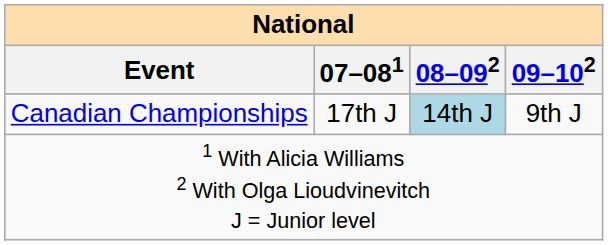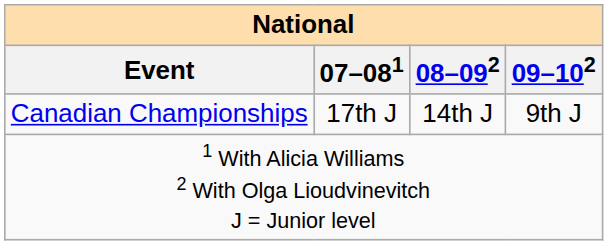 <table class="wikitable" style="text-align:center">
 <tr>
 <th style="background-color: #ffdead; " colspan=4 align=center>National</th>
 </tr>
 <tr>
 <th>Event</th>
 <th>07–08<sup>1</sup></th>
 <th><a href='#'>08–09</a><sup>2</sup></th>
 <th><a href='#'>09–10</a><sup>2</sup></th>
 </tr>
 <tr>
 <td align=left><a href='#'>Canadian Championships</a></td>
 <td>17th J</td>
-<td style="background: lightblue;">14th J</td>
+<td>14th J</td>
 <td>9th J</td>
 </tr>
 <tr>
 <td colspan=4 align=center><small> <sup>1</sup> With Alicia Williams <br> <sup>2</sup> With Olga Lioudvinevitch <br>J = Junior level </small></td>
 </tr>
 </table>
